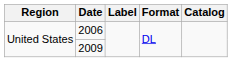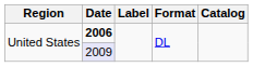 <table class="wikitable">
 <tr>
 <th>Region</th>
 <th>Date</th>
 <th>Label</th>
 <th>Format</th>
 <th>Catalog</th>
 </tr>
 <tr>
 <td rowspan="2">United States</td>
-<td>2006</td>
+<td><strong>2006</strong></td>
 <td rowspan="2"></td>
 <td rowspan="2"><a href='#'>DL</a></td>
 <td rowspan="2"></td>
 </tr>
 <tr>
-<td>2009</td>
+<td style="background: lavender;">2009</td>
 </tr>
 </table>
